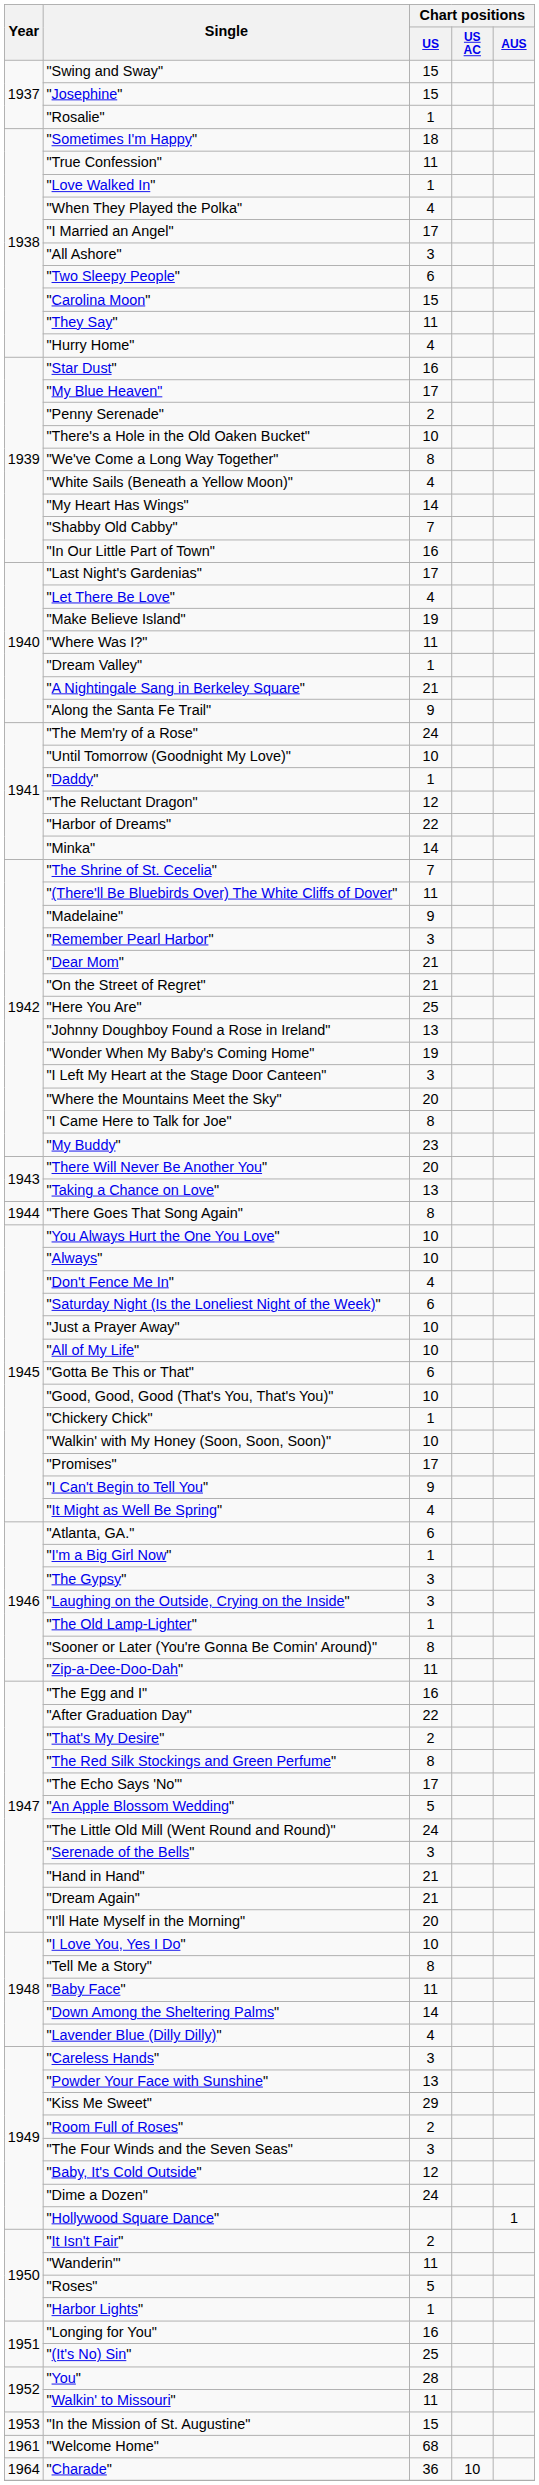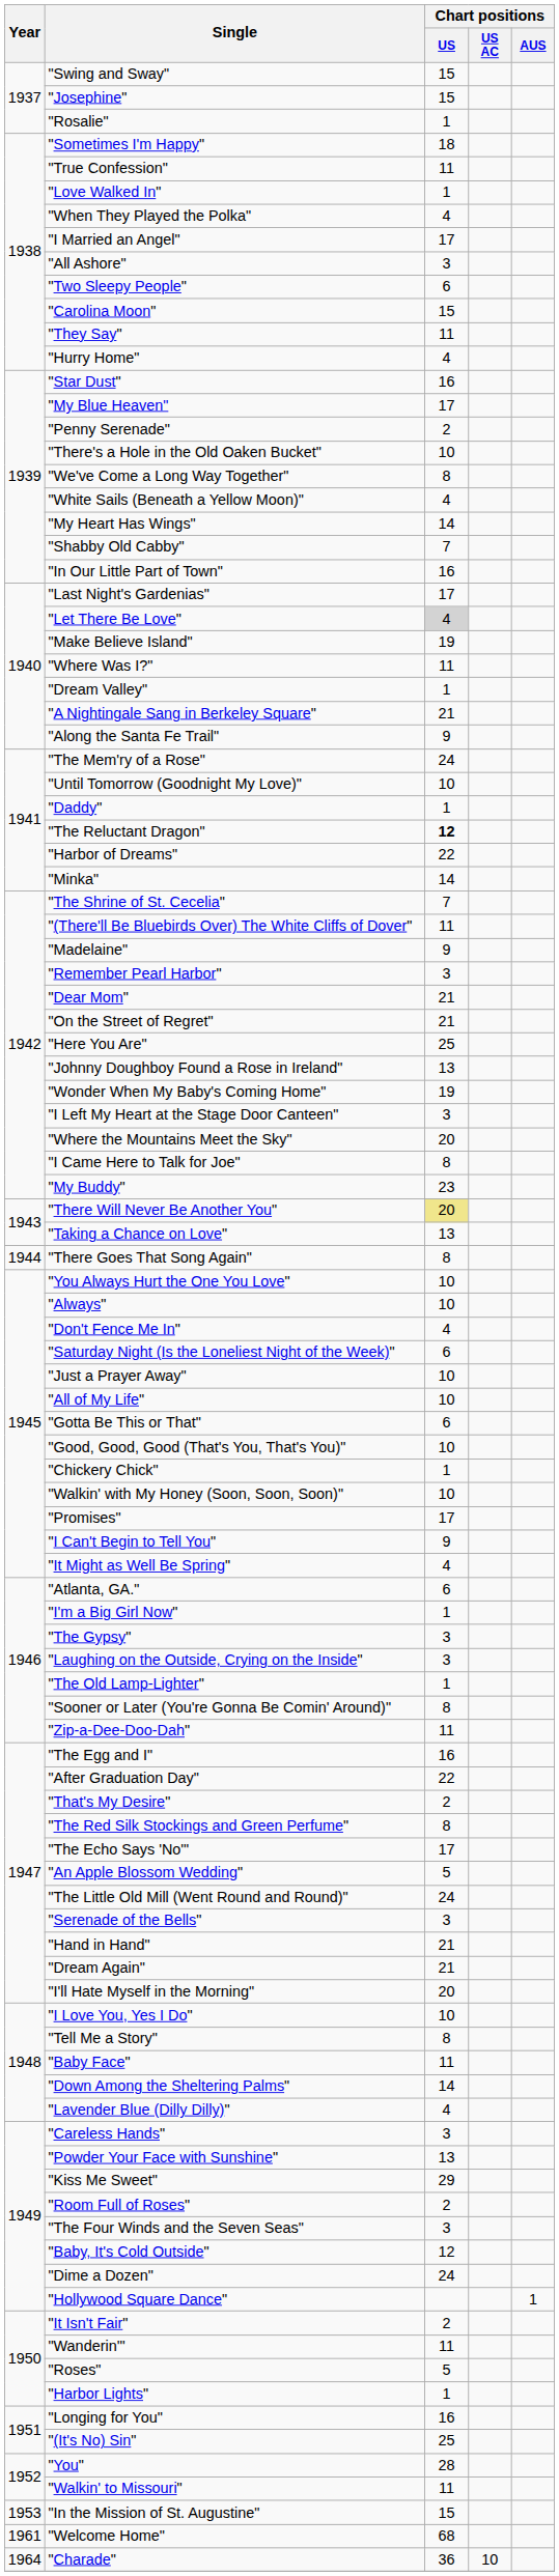 <table class="wikitable" style="text-align:center;">
 <tr>
 <th rowspan="2">Year</th>
 <th width="400" rowspan="2">Single</th>
 <th colspan="3">Chart positions</th>
 </tr>
 <tr style="font-size:smaller;">
 <th width="40"><a href='#'>US</a></th>
 <th width="40"><a href='#'>US AC</a></th>
 <th width="40"><a href='#'>AUS</a></th>
 </tr>
 <tr>
 <td rowspan="3">1937</td>
 <td align="left">"Swing and Sway"</td>
 <td>15</td>
 <td></td>
 <td></td>
 </tr>
 <tr>
 <td align="left">"<a href='#'>Josephine</a>"</td>
 <td>15</td>
 <td></td>
 <td></td>
 </tr>
 <tr>
 <td align="left">"Rosalie"</td>
 <td>1</td>
 <td></td>
 <td></td>
 </tr>
 <tr>
 <td rowspan="10">1938</td>
 <td align="left">"<a href='#'>Sometimes I'm Happy</a>"</td>
 <td>18</td>
 <td></td>
 <td></td>
 </tr>
 <tr>
 <td align="left">"True Confession"</td>
 <td>11</td>
 <td></td>
 <td></td>
 </tr>
 <tr>
 <td align="left">"<a href='#'>Love Walked In</a>"</td>
 <td>1</td>
 <td></td>
 <td></td>
 </tr>
 <tr>
 <td align="left">"When They Played the Polka"</td>
 <td>4</td>
 <td></td>
 <td></td>
 </tr>
 <tr>
 <td align="left">"I Married an Angel"</td>
 <td>17</td>
 <td></td>
 <td></td>
 </tr>
 <tr>
 <td align="left">"All Ashore"</td>
 <td>3</td>
 <td></td>
 <td></td>
 </tr>
 <tr>
 <td align="left">"<a href='#'>Two Sleepy People</a>"</td>
 <td>6</td>
 <td></td>
 <td></td>
 </tr>
 <tr>
 <td align="left">"<a href='#'>Carolina Moon</a>"</td>
 <td>15</td>
 <td></td>
 <td></td>
 </tr>
 <tr>
 <td align="left">"<a href='#'>They Say</a>"</td>
 <td>11</td>
 <td></td>
 <td></td>
 </tr>
 <tr>
 <td align="left">"Hurry Home"</td>
 <td>4</td>
 <td></td>
 <td></td>
 </tr>
 <tr>
 <td rowspan="9">1939</td>
 <td align="left">"<a href='#'>Star Dust</a>"</td>
 <td>16</td>
 <td></td>
 <td></td>
 </tr>
 <tr>
 <td align="left">"<a href='#'>My Blue Heaven"</a></td>
 <td>17</td>
 <td></td>
 <td></td>
 </tr>
 <tr>
 <td align="left">"Penny Serenade"</td>
 <td>2</td>
 <td></td>
 <td></td>
 </tr>
 <tr>
 <td align="left">"There's a Hole in the Old Oaken Bucket"</td>
 <td>10</td>
 <td></td>
 <td></td>
 </tr>
 <tr>
 <td align="left">"We've Come a Long Way Together"</td>
 <td>8</td>
 <td></td>
 <td></td>
 </tr>
 <tr>
 <td align="left">"White Sails (Beneath a Yellow Moon)"</td>
 <td>4</td>
 <td></td>
 <td></td>
 </tr>
 <tr>
 <td align="left">"My Heart Has Wings"</td>
 <td>14</td>
 <td></td>
 <td></td>
 </tr>
 <tr>
 <td align="left">"Shabby Old Cabby"</td>
 <td>7</td>
 <td></td>
 <td></td>
 </tr>
 <tr>
 <td align="left">"In Our Little Part of Town"</td>
 <td>16</td>
 <td></td>
 <td></td>
 </tr>
 <tr>
 <td rowspan="7">1940</td>
 <td align="left">"Last Night's Gardenias"</td>
 <td>17</td>
 <td></td>
 <td></td>
 </tr>
 <tr>
 <td align="left">"<a href='#'>Let There Be Love</a>"</td>
-<td>4</td>
+<td style="background: lightgrey;">4</td>
 <td></td>
 <td></td>
 </tr>
 <tr>
 <td align="left">"Make Believe Island"</td>
 <td>19</td>
 <td></td>
 <td></td>
 </tr>
 <tr>
 <td align="left">"Where Was I?"</td>
 <td>11</td>
 <td></td>
 <td></td>
 </tr>
 <tr>
 <td align="left">"Dream Valley"</td>
 <td>1</td>
 <td></td>
 <td></td>
 </tr>
 <tr>
 <td align="left">"<a href='#'>A Nightingale Sang in Berkeley Square</a>"</td>
 <td>21</td>
 <td></td>
 <td></td>
 </tr>
 <tr>
 <td align="left">"Along the Santa Fe Trail"</td>
 <td>9</td>
 <td></td>
 <td></td>
 </tr>
 <tr>
 <td rowspan="6">1941</td>
 <td align="left">"The Mem'ry of a Rose"</td>
 <td>24</td>
 <td></td>
 <td></td>
 </tr>
 <tr>
 <td align="left">"Until Tomorrow (Goodnight My Love)"</td>
 <td>10</td>
 <td></td>
 <td></td>
 </tr>
 <tr>
 <td align="left">"<a href='#'>Daddy</a>"</td>
 <td>1</td>
 <td></td>
 <td></td>
 </tr>
 <tr>
 <td align="left">"The Reluctant Dragon"</td>
-<td>12</td>
+<td><strong>12</strong></td>
 <td></td>
 <td></td>
 </tr>
 <tr>
 <td align="left">"Harbor of Dreams"</td>
 <td>22</td>
 <td></td>
 <td></td>
 </tr>
 <tr>
 <td align="left">"Minka"</td>
 <td>14</td>
 <td></td>
 <td></td>
 </tr>
 <tr>
 <td rowspan="13">1942</td>
 <td align="left">"<a href='#'>The Shrine of St. Cecelia</a>"</td>
 <td>7</td>
 <td></td>
 <td></td>
 </tr>
 <tr>
 <td align="left">"<a href='#'>(There'll Be Bluebirds Over) The White Cliffs of Dover</a>"</td>
 <td>11</td>
 <td></td>
 <td></td>
 </tr>
 <tr>
 <td align="left">"Madelaine"</td>
 <td>9</td>
 <td></td>
 <td></td>
 </tr>
 <tr>
 <td align="left">"<a href='#'>Remember Pearl Harbor</a>"</td>
 <td>3</td>
 <td></td>
 <td></td>
 </tr>
 <tr>
 <td align="left">"<a href='#'>Dear Mom</a>"</td>
 <td>21</td>
 <td></td>
 <td></td>
 </tr>
 <tr>
 <td align="left">"On the Street of Regret"</td>
 <td>21</td>
 <td></td>
 <td></td>
 </tr>
 <tr>
 <td align="left">"Here You Are"</td>
 <td>25</td>
 <td></td>
 <td></td>
 </tr>
 <tr>
 <td align="left">"Johnny Doughboy Found a Rose in Ireland"</td>
 <td>13</td>
 <td></td>
 <td></td>
 </tr>
 <tr>
 <td align="left">"Wonder When My Baby's Coming Home"</td>
 <td>19</td>
 <td></td>
 <td></td>
 </tr>
 <tr>
 <td align="left">"I Left My Heart at the Stage Door Canteen"</td>
 <td>3</td>
 <td></td>
 <td></td>
 </tr>
 <tr>
 <td align="left">"Where the Mountains Meet the Sky"</td>
 <td>20</td>
 <td></td>
 <td></td>
 </tr>
 <tr>
 <td align="left">"I Came Here to Talk for Joe"</td>
 <td>8</td>
 <td></td>
 <td></td>
 </tr>
 <tr>
 <td align="left">"<a href='#'>My Buddy</a>"</td>
 <td>23</td>
 <td></td>
 <td></td>
 </tr>
 <tr>
 <td rowspan="2">1943</td>
 <td align="left">"<a href='#'>There Will Never Be Another You</a>"</td>
-<td>20</td>
+<td style="background: khaki;">20</td>
 <td></td>
 <td></td>
 </tr>
 <tr>
 <td align="left">"<a href='#'>Taking a Chance on Love</a>"</td>
 <td>13</td>
 <td></td>
 <td></td>
 </tr>
 <tr>
 <td rowspan="1">1944</td>
 <td align="left">"There Goes That Song Again"</td>
 <td>8</td>
 <td></td>
 <td></td>
 </tr>
 <tr>
 <td rowspan="13">1945</td>
 <td align="left">"<a href='#'>You Always Hurt the One You Love</a>"</td>
 <td>10</td>
 <td></td>
 <td></td>
 </tr>
 <tr>
 <td align="left">"<a href='#'>Always</a>"</td>
 <td>10</td>
 <td></td>
 <td></td>
 </tr>
 <tr>
 <td align="left">"<a href='#'>Don't Fence Me In</a>"</td>
 <td>4</td>
 <td></td>
 <td></td>
 </tr>
 <tr>
 <td align="left">"<a href='#'>Saturday Night (Is the Loneliest Night of the Week)</a>"</td>
 <td>6</td>
 <td></td>
 <td></td>
 </tr>
 <tr>
 <td align="left">"Just a Prayer Away"</td>
 <td>10</td>
 <td></td>
 <td></td>
 </tr>
 <tr>
 <td align="left">"<a href='#'>All of My Life</a>"</td>
 <td>10</td>
 <td></td>
 <td></td>
 </tr>
 <tr>
 <td align="left">"Gotta Be This or That"</td>
 <td>6</td>
 <td></td>
 <td></td>
 </tr>
 <tr>
 <td align="left">"Good, Good, Good (That's You, That's You)"</td>
 <td>10</td>
 <td></td>
 <td></td>
 </tr>
 <tr>
 <td align="left">"Chickery Chick"</td>
 <td>1</td>
 <td></td>
 <td></td>
 </tr>
 <tr>
 <td align="left">"Walkin' with My Honey (Soon, Soon, Soon)"</td>
 <td>10</td>
 <td></td>
 <td></td>
 </tr>
 <tr>
 <td align="left">"Promises"</td>
 <td>17</td>
 <td></td>
 <td></td>
 </tr>
 <tr>
 <td align="left">"<a href='#'>I Can't Begin to Tell You</a>"</td>
 <td>9</td>
 <td></td>
 <td></td>
 </tr>
 <tr>
 <td align="left">"<a href='#'>It Might as Well Be Spring</a>"</td>
 <td>4</td>
 <td></td>
 <td></td>
 </tr>
 <tr>
 <td rowspan="7">1946</td>
 <td align="left">"Atlanta, GA."</td>
 <td>6</td>
 <td></td>
 <td></td>
 </tr>
 <tr>
 <td align="left">"<a href='#'>I'm a Big Girl Now</a>"</td>
 <td>1</td>
 <td></td>
 <td></td>
 </tr>
 <tr>
 <td align="left">"<a href='#'>The Gypsy</a>"</td>
 <td>3</td>
 <td></td>
 <td></td>
 </tr>
 <tr>
 <td align="left">"<a href='#'>Laughing on the Outside, Crying on the Inside</a>"</td>
 <td>3</td>
 <td></td>
 <td></td>
 </tr>
 <tr>
 <td align="left">"<a href='#'>The Old Lamp-Lighter</a>"</td>
 <td>1</td>
 <td></td>
 <td></td>
 </tr>
 <tr>
 <td align="left">"Sooner or Later (You're Gonna Be Comin' Around)"</td>
 <td>8</td>
 <td></td>
 <td></td>
 </tr>
 <tr>
 <td align="left">"<a href='#'>Zip-a-Dee-Doo-Dah</a>"</td>
 <td>11</td>
 <td></td>
 <td></td>
 </tr>
 <tr>
 <td rowspan="11">1947</td>
 <td align="left">"The Egg and I"</td>
 <td>16</td>
 <td></td>
 <td></td>
 </tr>
 <tr>
 <td align="left">"After Graduation Day"</td>
 <td>22</td>
 <td></td>
 <td></td>
 </tr>
 <tr>
 <td align="left">"<a href='#'>That's My Desire</a>"</td>
 <td>2</td>
 <td></td>
 <td></td>
 </tr>
 <tr>
 <td align="left">"<a href='#'>The Red Silk Stockings and Green Perfume</a>"</td>
 <td>8</td>
 <td></td>
 <td></td>
 </tr>
 <tr>
 <td align="left">"The Echo Says 'No'"</td>
 <td>17</td>
 <td></td>
 <td></td>
 </tr>
 <tr>
 <td align="left">"<a href='#'>An Apple Blossom Wedding</a>"</td>
 <td>5</td>
 <td></td>
 <td></td>
 </tr>
 <tr>
 <td align="left">"The Little Old Mill (Went Round and Round)"</td>
 <td>24</td>
 <td></td>
 <td></td>
 </tr>
 <tr>
 <td align="left">"<a href='#'>Serenade of the Bells</a>"</td>
 <td>3</td>
 <td></td>
 <td></td>
 </tr>
 <tr>
 <td align="left">"Hand in Hand"</td>
 <td>21</td>
 <td></td>
 <td></td>
 </tr>
 <tr>
 <td align="left">"Dream Again"</td>
 <td>21</td>
 <td></td>
 <td></td>
 </tr>
 <tr>
 <td align="left">"I'll Hate Myself in the Morning"</td>
 <td>20</td>
 <td></td>
 <td></td>
 </tr>
 <tr>
 <td rowspan="5">1948</td>
 <td align="left">"<a href='#'>I Love You, Yes I Do</a>"</td>
 <td>10</td>
 <td></td>
 <td></td>
 </tr>
 <tr>
 <td align="left">"Tell Me a Story"</td>
 <td>8</td>
 <td></td>
 <td></td>
 </tr>
 <tr>
 <td align="left">"<a href='#'>Baby Face</a>"</td>
 <td>11</td>
 <td></td>
 <td></td>
 </tr>
 <tr>
 <td align="left">"<a href='#'>Down Among the Sheltering Palms</a>"</td>
 <td>14</td>
 <td></td>
 <td></td>
 </tr>
 <tr>
 <td align="left">"<a href='#'>Lavender Blue (Dilly Dilly)</a>"</td>
 <td>4</td>
 <td></td>
 <td></td>
 </tr>
 <tr>
 <td rowspan="8">1949</td>
 <td align="left">"<a href='#'>Careless Hands</a>"</td>
 <td>3</td>
 <td></td>
 <td></td>
 </tr>
 <tr>
 <td align="left">"<a href='#'>Powder Your Face with Sunshine</a>"</td>
 <td>13</td>
 <td></td>
 <td></td>
 </tr>
 <tr>
 <td align="left">"Kiss Me Sweet"</td>
 <td>29</td>
 <td></td>
 <td></td>
 </tr>
 <tr>
 <td align="left">"<a href='#'>Room Full of Roses</a>"</td>
 <td>2</td>
 <td></td>
 <td></td>
 </tr>
 <tr>
 <td align="left">"The Four Winds and the Seven Seas"</td>
 <td>3</td>
 <td></td>
 <td></td>
 </tr>
 <tr>
 <td align="left">"<a href='#'>Baby, It's Cold Outside</a>"</td>
 <td>12</td>
 <td></td>
 <td></td>
 </tr>
 <tr>
 <td align="left">"Dime a Dozen"</td>
 <td>24</td>
 <td></td>
 <td></td>
 </tr>
 <tr>
 <td align="left">"<a href='#'>Hollywood Square Dance</a>"</td>
 <td></td>
 <td></td>
 <td>1</td>
 </tr>
 <tr>
 <td rowspan="4">1950</td>
 <td align="left">"<a href='#'>It Isn't Fair</a>"</td>
 <td>2</td>
 <td></td>
 <td></td>
 </tr>
 <tr>
 <td align="left">"Wanderin'"</td>
 <td>11</td>
 <td></td>
 <td></td>
 </tr>
 <tr>
 <td align="left">"Roses"</td>
 <td>5</td>
 <td></td>
 <td></td>
 </tr>
 <tr>
 <td align="left">"<a href='#'>Harbor Lights</a>"</td>
 <td>1</td>
 <td></td>
 <td></td>
 </tr>
 <tr>
 <td rowspan="2">1951</td>
 <td align="left">"Longing for You"</td>
 <td>16</td>
 <td></td>
 <td></td>
 </tr>
 <tr>
 <td align="left">"<a href='#'>(It's No) Sin</a>"</td>
 <td>25</td>
 <td></td>
 <td></td>
 </tr>
 <tr>
 <td rowspan="2">1952</td>
 <td align="left">"<a href='#'>You</a>"</td>
 <td>28</td>
 <td></td>
 <td></td>
 </tr>
 <tr>
 <td align="left">"<a href='#'>Walkin' to Missouri</a>"</td>
 <td>11</td>
 <td></td>
 <td></td>
 </tr>
 <tr>
 <td rowspan="1">1953</td>
 <td align="left">"In the Mission of St. Augustine"</td>
 <td>15</td>
 <td></td>
 <td></td>
 </tr>
 <tr>
 <td rowspan="1">1961</td>
 <td align="left">"Welcome Home"</td>
 <td>68</td>
 <td></td>
 <td></td>
 </tr>
 <tr>
 <td rowspan="1">1964</td>
 <td align="left">"<a href='#'>Charade</a>"</td>
 <td>36</td>
 <td>10</td>
 <td></td>
 </tr>
 <tr>
 </tr>
 </table>
